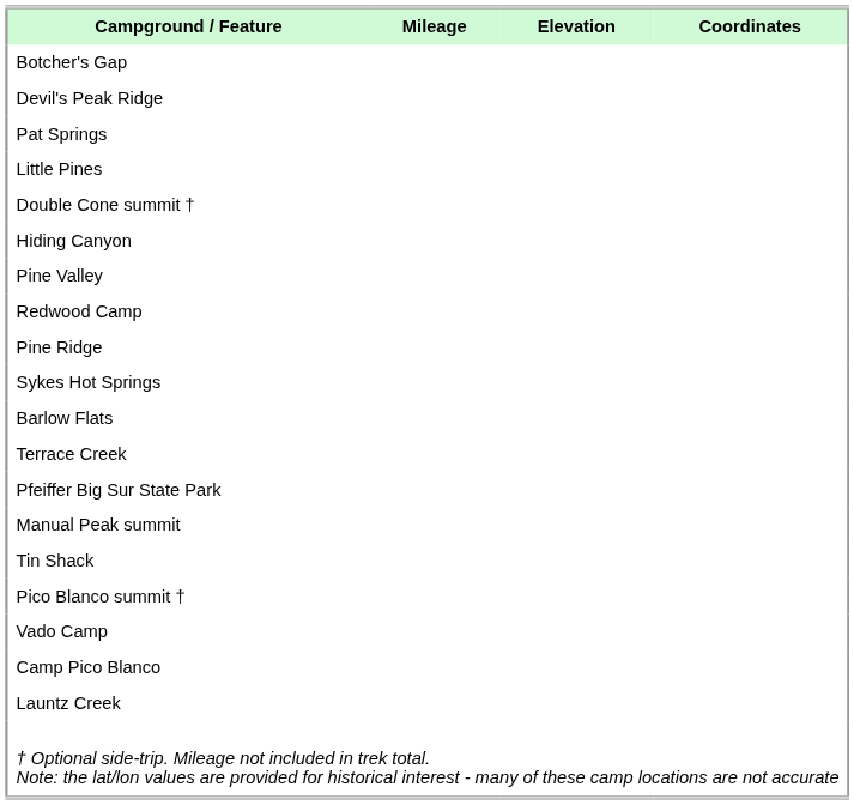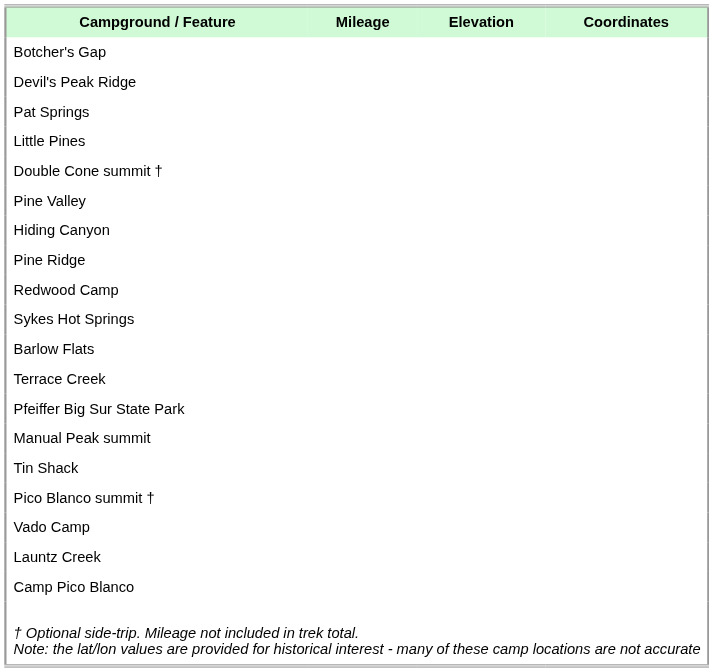 <table border=0 cellspacing=0 cellpadding=6 style="margin-left:auto; margin-right:auto; border-left:2px double #999; border-right:2px double #999; border-bottom:3px double #999; border-top:3px double #999; border-collapse:collapse; text-align:left; font-size:smaller; float:right; margin: 1em auto 1em 2em">
 <tr style="text-align:center; background:#cffad5;">
 <td><strong>Campground / Feature</strong></td>
 <td><strong>Mileage</strong></td>
 <td><strong>Elevation</strong></td>
 <td><strong>Coordinates</strong></td>
 </tr>
 <tr>
 <td>Botcher's Gap</td>
 <td></td>
 <td></td>
 <td></td>
 </tr>
 <tr>
 <td>Devil's Peak Ridge</td>
 <td></td>
 <td></td>
 <td></td>
 </tr>
 <tr>
 <td>Pat Springs</td>
 <td></td>
 <td></td>
 <td></td>
 </tr>
 <tr>
 <td>Little Pines</td>
 <td></td>
 <td></td>
 <td></td>
 </tr>
 <tr>
 <td>Double Cone summit †</td>
 <td></td>
 <td></td>
 <td></td>
 </tr>
 <tr>
+<td>Pine Valley</td>
+<td></td>
+<td></td>
+<td></td>
+</tr>
+<tr>
 <td>Hiding Canyon</td>
 <td></td>
 <td></td>
 <td></td>
 </tr>
 <tr>
-<td>Pine Valley</td>
+<td>Pine Ridge</td>
 <td></td>
 <td></td>
 <td></td>
 </tr>
 <tr>
 <td>Redwood Camp</td>
-<td></td>
-<td></td>
-<td></td>
-</tr>
-<tr>
-<td>Pine Ridge</td>
 <td></td>
 <td></td>
 <td></td>
 </tr>
 <tr>
 <td>Sykes Hot Springs</td>
 <td></td>
 <td></td>
 <td></td>
 </tr>
 <tr>
 <td>Barlow Flats</td>
 <td></td>
 <td></td>
 <td></td>
 </tr>
 <tr>
 <td>Terrace Creek</td>
 <td></td>
 <td></td>
 <td></td>
 </tr>
 <tr>
 <td>Pfeiffer Big Sur State Park</td>
 <td></td>
 <td></td>
 <td></td>
 </tr>
 <tr>
 <td>Manual Peak summit</td>
 <td></td>
 <td></td>
 <td></td>
 </tr>
 <tr>
 <td>Tin Shack</td>
 <td></td>
 <td></td>
 <td></td>
 </tr>
 <tr>
 <td>Pico Blanco summit †</td>
 <td></td>
 <td></td>
 <td></td>
 </tr>
 <tr>
 <td>Vado Camp</td>
 <td></td>
 <td></td>
 <td></td>
 </tr>
 <tr>
-<td>Camp Pico Blanco</td>
+<td>Launtz Creek</td>
 <td></td>
 <td></td>
 <td></td>
 </tr>
 <tr>
-<td>Launtz Creek</td>
+<td>Camp Pico Blanco</td>
 <td></td>
 <td></td>
 <td></td>
 </tr>
 <tr>
 <td colspan=4><br><em>† Optional side-trip. Mileage not included in trek total.</em> <br> <em>Note: the lat/lon values are provided for historical interest - many of these camp locations are not accurate</em></td>
 </tr>
 </table>
